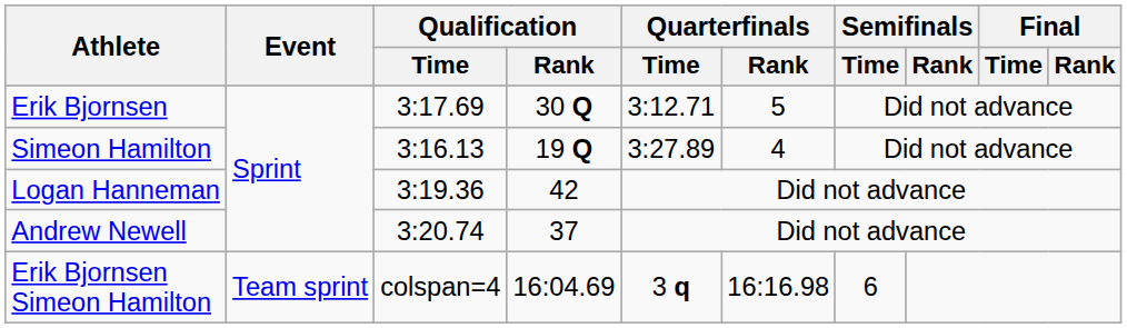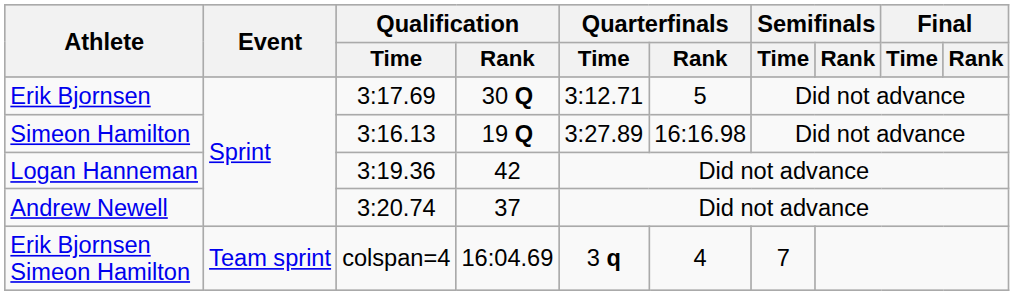 <table class=wikitable style=font-size:90%;text-align:center>
 <tr>
 <th rowspan=2>Athlete</th>
 <th rowspan=2>Event</th>
 <th colspan=2>Qualification</th>
 <th colspan=2>Quarterfinals</th>
 <th colspan=2>Semifinals</th>
 <th colspan=2>Final</th>
 </tr>
 <tr style=font-size:95%>
 <th>Time</th>
 <th>Rank</th>
 <th>Time</th>
 <th>Rank</th>
 <th>Time</th>
 <th>Rank</th>
 <th>Time</th>
 <th>Rank</th>
 </tr>
 <tr>
 <td align=left><a href='#'>Erik Bjornsen</a></td>
 <td style="text-align:left;" rowspan="4"><a href='#'>Sprint</a></td>
 <td>3:17.69</td>
 <td>30 <strong>Q</strong></td>
 <td>3:12.71</td>
 <td>5</td>
 <td colspan=4>Did not advance</td>
 </tr>
 <tr>
 <td align=left><a href='#'>Simeon Hamilton</a></td>
 <td>3:16.13</td>
 <td>19 <strong>Q</strong></td>
 <td>3:27.89</td>
-<td>4</td>
+<td>16:16.98</td>
 <td colspan=4>Did not advance</td>
 </tr>
 <tr>
 <td align=left><a href='#'>Logan Hanneman</a></td>
 <td>3:19.36</td>
 <td>42</td>
 <td colspan=6>Did not advance</td>
 </tr>
 <tr>
 <td align=left><a href='#'>Andrew Newell</a></td>
 <td>3:20.74</td>
 <td>37</td>
 <td colspan=6>Did not advance</td>
 </tr>
 <tr>
 <td align=left><a href='#'>Erik Bjornsen</a><br><a href='#'>Simeon Hamilton</a></td>
 <td align=left><a href='#'>Team sprint</a></td>
 <td>colspan=4 </td>
 <td>16:04.69</td>
 <td>3 <strong>q</strong></td>
-<td>16:16.98</td>
-<td>6</td>
+<td>4</td>
+<td>7</td>
 </tr>
 </table>
